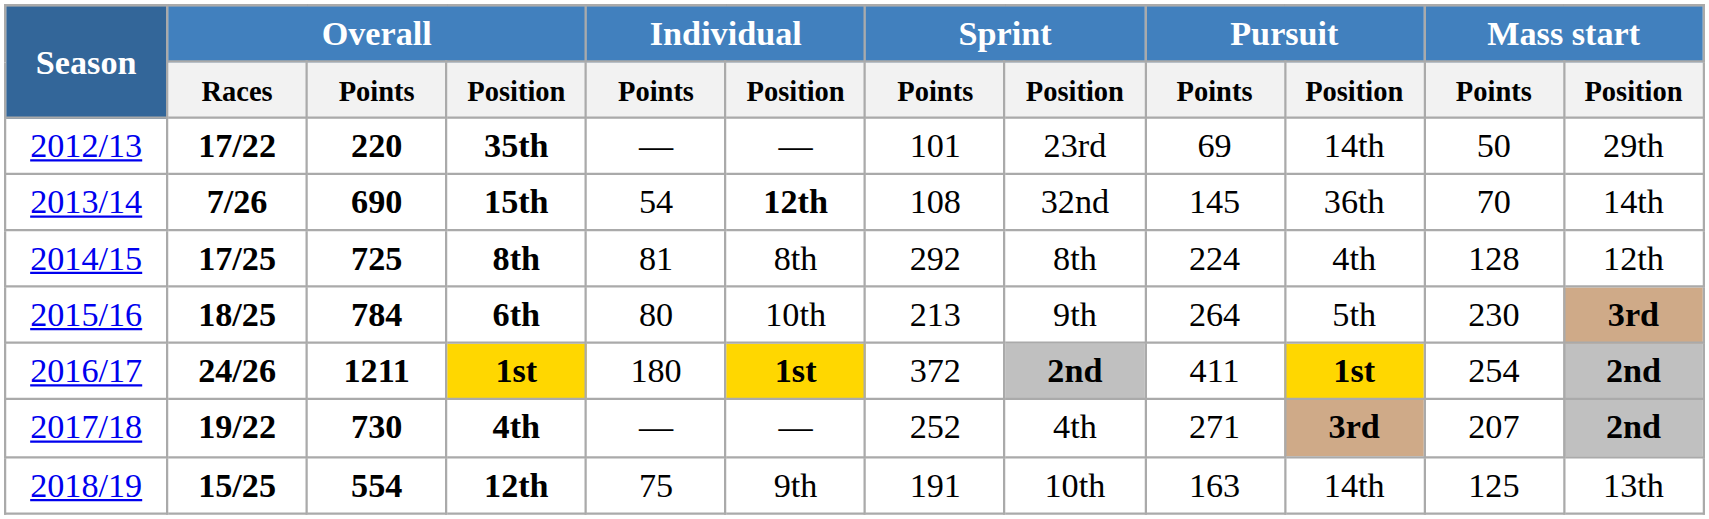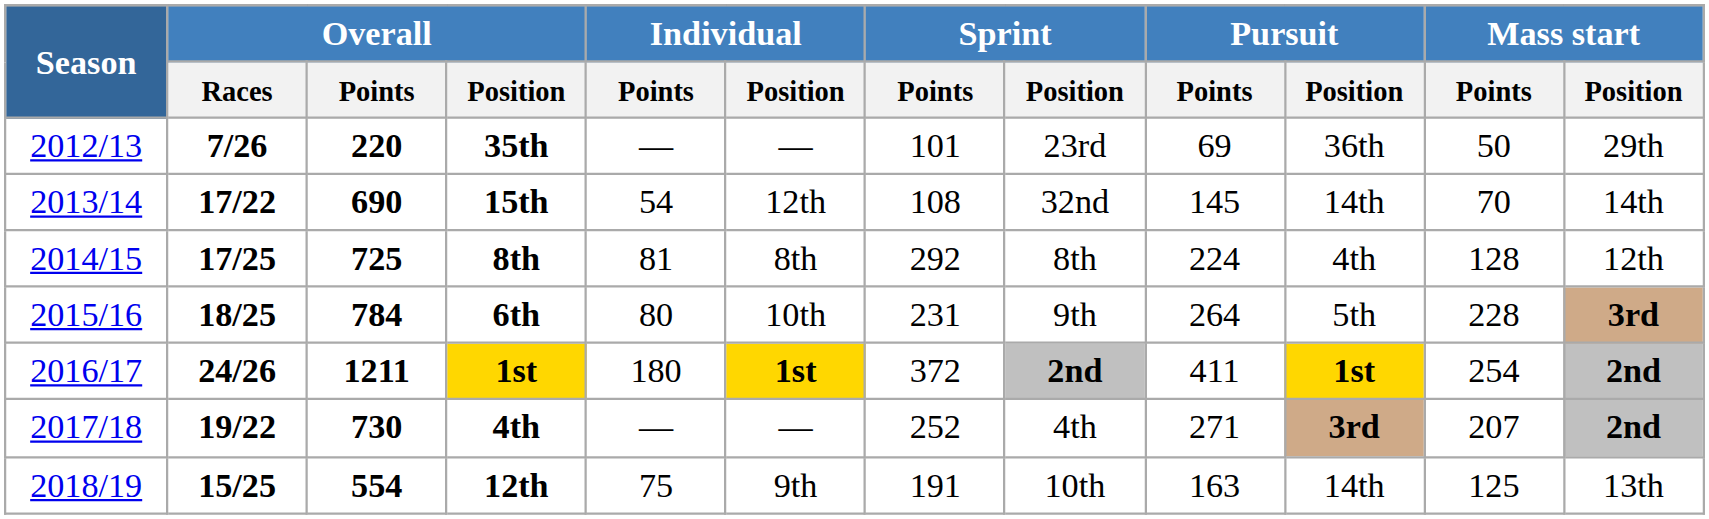 <table class="wikitable" style="font-size:95%; text-align:center; border:grey solid 1px; border-collapse:collapse; background:#ffffff;">
 <tr class="hintergrundfarbe5">
 </tr>
 <tr style="background:#efefef;">
 <th rowspan="2" style="background-color:#369; color:white; width:65px">Season</th>
 <th colspan="3" style="background-color:#4180be; color:white; width:115px;">Overall</th>
 <th colspan="2" style="background-color:#4180be; color:white; width:115px;">Individual</th>
 <th colspan="2" style="background-color:#4180be; color:white; width:115px;">Sprint</th>
 <th colspan="2" style="background-color:#4180be; color:white; width:115px;">Pursuit</th>
 <th colspan="2" style="background-color:#4180be; color:white; width:115px;">Mass start</th>
 </tr>
 <tr class="hintergrundfarbe5">
 <th style="width:55px;"><small>Races</small></th>
 <th style="width:55px;"><small>Points</small></th>
 <th style="width:55px;"><small>Position</small></th>
 <th style="width:55px;"><small>Points</small></th>
 <th style="width:55px;"><small>Position</small></th>
 <th style="width:55px;"><small>Points</small></th>
 <th style="width:55px;"><small>Position</small></th>
 <th style="width:55px;"><small>Points</small></th>
 <th style="width:55px;"><small>Position</small></th>
 <th style="width:55px;"><small>Points</small></th>
 <th style="width:55px;"><small>Position</small></th>
 </tr>
 <tr>
 <td><a href='#'>2012/13</a></td>
-<td><strong>17/22</strong></td>
+<td><strong>7/26</strong></td>
 <td><strong>220</strong></td>
 <td><strong>35th</strong></td>
 <td>—</td>
 <td>—</td>
 <td>101</td>
 <td>23rd</td>
 <td>69</td>
-<td>14th</td>
+<td>36th</td>
 <td>50</td>
 <td>29th</td>
 </tr>
 <tr>
 <td><a href='#'>2013/14</a></td>
-<td><strong>7/26</strong></td>
+<td><strong>17/22</strong></td>
 <td><strong>690</strong></td>
 <td><strong>15th</strong></td>
 <td>54</td>
-<td><strong>12th</strong></td>
+<td>12th</td>
 <td>108</td>
 <td>32nd</td>
 <td>145</td>
-<td>36th</td>
+<td>14th</td>
 <td>70</td>
 <td>14th</td>
 </tr>
 <tr>
 <td><a href='#'>2014/15</a></td>
 <td><strong>17/25</strong></td>
 <td><strong>725</strong></td>
 <td><strong>8th</strong></td>
 <td>81</td>
 <td>8th</td>
 <td>292</td>
 <td>8th</td>
 <td>224</td>
 <td>4th</td>
 <td>128</td>
 <td>12th</td>
 </tr>
 <tr>
 <td><a href='#'>2015/16</a></td>
 <td><strong>18/25</strong></td>
 <td><strong>784</strong></td>
 <td><strong>6th</strong></td>
 <td>80</td>
 <td>10th</td>
-<td>213</td>
+<td>231</td>
 <td>9th</td>
 <td>264</td>
 <td>5th</td>
-<td>230</td>
+<td>228</td>
 <td style="background:#cfaa88;"><strong>3rd</strong></td>
 </tr>
 <tr>
 <td><a href='#'>2016/17</a></td>
 <td><strong>24/26</strong></td>
 <td><strong>1211</strong></td>
 <td style="background:gold;"><strong>1st</strong></td>
 <td>180</td>
 <td style="background:gold;"><strong>1st</strong></td>
 <td>372</td>
 <td style="background:silver;"><strong>2nd</strong></td>
 <td>411</td>
 <td style="background:gold;"><strong>1st</strong></td>
 <td>254</td>
 <td style="background:silver;"><strong>2nd</strong></td>
 </tr>
 <tr>
 <td><a href='#'>2017/18</a></td>
 <td><strong>19/22</strong></td>
 <td><strong>730</strong></td>
 <td><strong>4th</strong></td>
 <td>—</td>
 <td>—</td>
 <td>252</td>
 <td>4th</td>
 <td>271</td>
 <td style="background:#cfaa88;"><strong>3rd</strong></td>
 <td>207</td>
 <td style="background:silver;"><strong>2nd</strong></td>
 </tr>
 <tr>
 <td><a href='#'>2018/19</a></td>
 <td><strong>15/25</strong></td>
 <td><strong>554</strong></td>
 <td><strong>12th</strong></td>
 <td>75</td>
 <td>9th</td>
 <td>191</td>
 <td>10th</td>
 <td>163</td>
 <td>14th</td>
 <td>125</td>
 <td>13th</td>
 </tr>
 </table>
